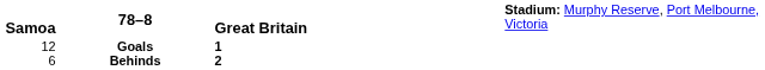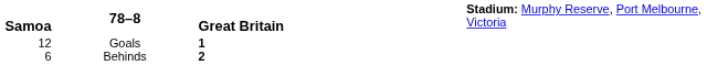 <table style="width: 100%; background: transparent;" cellspacing="0">
 <tr>
 <td align=center valign=top rowspan=3 width=15%></td>
 </tr>
 <tr>
 <td width=24% align=right><br><strong>Samoa</strong></td>
 <td align=center width=13%><strong>78–8</strong></td>
 <td width=24%><br><strong>Great Britain</strong></td>
 <td style=font-size:85% rowspan=2 valign=top><strong>Stadium:</strong> <a href='#'>Murphy Reserve</a>, <a href='#'>Port Melbourne, Victoria</a></td>
 </tr>
 <tr style=font-size:85%>
 <td align=right valign=top>12<br> 6</td>
-<td align=center valign=top><strong>Goals <br>Behinds</strong></td>
+<td align=center valign=top>Goals <br>Behinds</td>
 <td valign=top><strong>1<br> 2</strong></td>
 </tr>
 </table>
